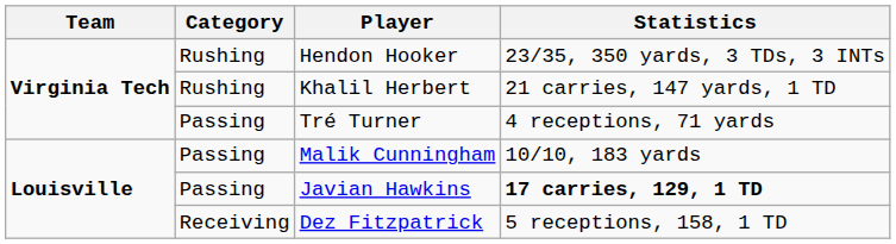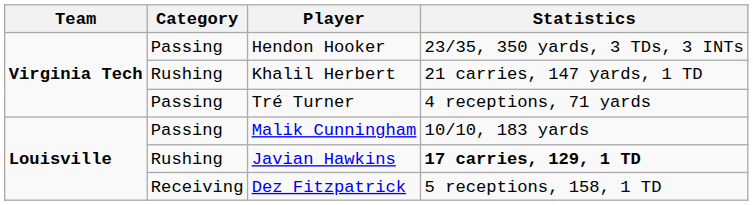 <table class="wikitable" style="float: left;">
 <tr>
 <th>Team</th>
 <th>Category</th>
 <th>Player</th>
 <th>Statistics</th>
 </tr>
 <tr>
 <td rowspan=3><strong>Virginia Tech</strong></td>
-<td>Rushing</td>
+<td>Passing</td>
 <td>Hendon Hooker</td>
 <td>23/35, 350 yards, 3 TDs, 3 INTs</td>
 </tr>
 <tr>
 <td>Rushing</td>
 <td>Khalil Herbert</td>
 <td>21 carries, 147 yards, 1 TD</td>
 </tr>
 <tr>
 <td>Passing</td>
 <td>Tré Turner</td>
 <td>4 receptions, 71 yards</td>
 </tr>
 <tr>
 <td rowspan=3><strong>Louisville</strong></td>
 <td>Passing</td>
 <td><a href='#'>Malik Cunningham</a></td>
 <td>10/10, 183 yards</td>
 </tr>
 <tr>
-<td>Passing</td>
+<td>Rushing</td>
 <td><a href='#'>Javian Hawkins</a></td>
 <td><strong>17 carries, 129, 1 TD</strong></td>
 </tr>
 <tr>
 <td>Receiving</td>
 <td><a href='#'>Dez Fitzpatrick</a></td>
 <td>5 receptions, 158, 1 TD</td>
 </tr>
 </table>
